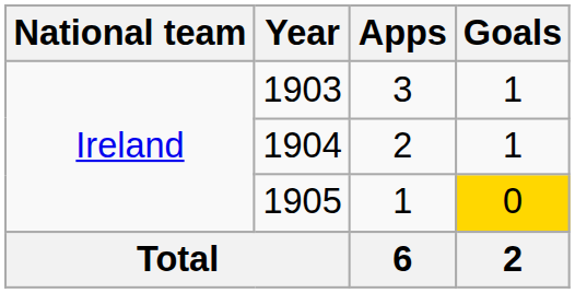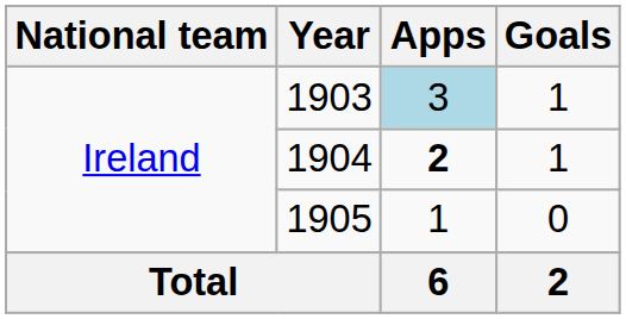 <table class=wikitable style="text-align: center">
 <tr>
 <th>National team</th>
 <th>Year</th>
 <th>Apps</th>
 <th>Goals</th>
 </tr>
 <tr>
 <td rowspan=3><a href='#'>Ireland</a></td>
 <td>1903</td>
-<td>3</td>
+<td style="background: lightblue;">3</td>
 <td>1</td>
 </tr>
 <tr>
 <td>1904</td>
-<td>2</td>
+<td><strong>2</strong></td>
 <td>1</td>
 </tr>
 <tr>
 <td>1905</td>
 <td>1</td>
-<td style="background: gold;">0</td>
+<td>0</td>
 </tr>
 <tr>
 <th colspan=2>Total</th>
 <th>6</th>
 <th>2</th>
 </tr>
 </table>
